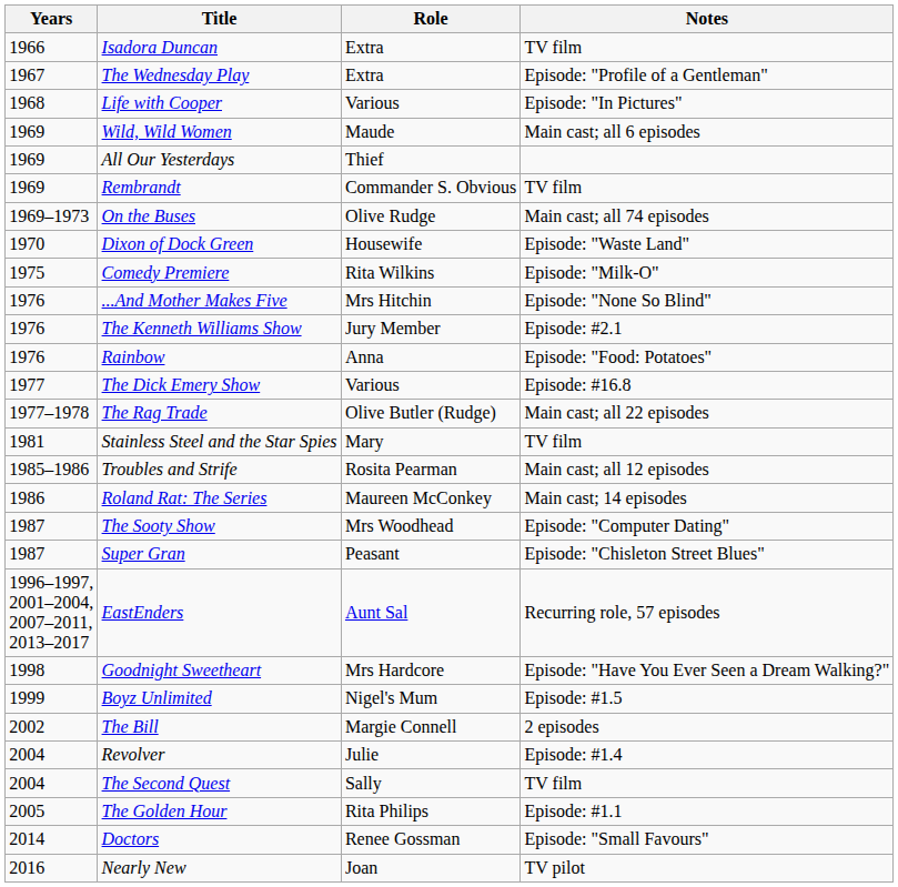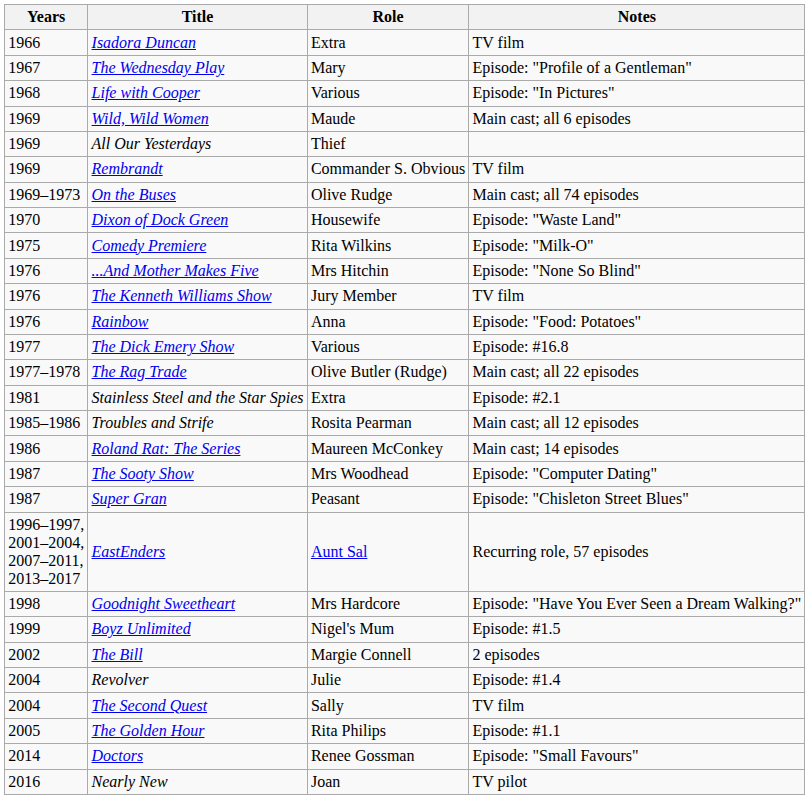 <table class="wikitable">
 <tr>
 <th>Years</th>
 <th>Title</th>
 <th>Role</th>
 <th>Notes</th>
 </tr>
 <tr>
 <td>1966</td>
 <td><em><a href='#'>Isadora Duncan</a></em></td>
 <td>Extra</td>
 <td>TV film</td>
 </tr>
 <tr>
 <td>1967</td>
 <td><em><a href='#'>The Wednesday Play</a></em></td>
-<td>Extra</td>
+<td>Mary</td>
 <td>Episode: "Profile of a Gentleman"</td>
 </tr>
 <tr>
 <td>1968</td>
 <td><em><a href='#'>Life with Cooper</a></em></td>
 <td>Various</td>
 <td>Episode: "In Pictures"</td>
 </tr>
 <tr>
 <td>1969</td>
 <td><em><a href='#'>Wild, Wild Women</a></em></td>
 <td>Maude</td>
 <td>Main cast; all 6 episodes</td>
 </tr>
 <tr>
 <td>1969</td>
 <td><em>All Our Yesterdays</em></td>
 <td>Thief</td>
 </tr>
 <tr>
 <td>1969</td>
 <td><em><a href='#'>Rembrandt</a></em></td>
 <td>Commander S. Obvious</td>
 <td>TV film</td>
 </tr>
 <tr>
 <td>1969–1973</td>
 <td><em><a href='#'>On the Buses</a></em></td>
 <td>Olive Rudge</td>
 <td>Main cast; all 74 episodes</td>
 </tr>
 <tr>
 <td>1970</td>
 <td><em><a href='#'>Dixon of Dock Green</a></em></td>
 <td>Housewife</td>
 <td>Episode: "Waste Land"</td>
 </tr>
 <tr>
 <td>1975</td>
 <td><em><a href='#'>Comedy Premiere</a></em></td>
 <td>Rita Wilkins</td>
 <td>Episode: "Milk-O"</td>
 </tr>
 <tr>
 <td>1976</td>
 <td><em><a href='#'>...And Mother Makes Five</a></em></td>
 <td>Mrs Hitchin</td>
 <td>Episode: "None So Blind"</td>
 </tr>
 <tr>
 <td>1976</td>
 <td><em><a href='#'>The Kenneth Williams Show</a></em></td>
 <td>Jury Member</td>
-<td>Episode: #2.1</td>
+<td>TV film</td>
 </tr>
 <tr>
 <td>1976</td>
 <td><em><a href='#'>Rainbow</a></em></td>
 <td>Anna</td>
 <td>Episode: "Food: Potatoes"</td>
 </tr>
 <tr>
 <td>1977</td>
 <td><em><a href='#'>The Dick Emery Show</a></em></td>
 <td>Various</td>
 <td>Episode: #16.8</td>
 </tr>
 <tr>
 <td>1977–1978</td>
 <td><em><a href='#'>The Rag Trade</a></em></td>
 <td>Olive Butler (Rudge)</td>
 <td>Main cast; all 22 episodes</td>
 </tr>
 <tr>
 <td>1981</td>
 <td><em>Stainless Steel and the Star Spies</em></td>
-<td>Mary</td>
-<td>TV film</td>
+<td>Extra</td>
+<td>Episode: #2.1</td>
 </tr>
 <tr>
 <td>1985–1986</td>
 <td><em>Troubles and Strife</em></td>
 <td>Rosita Pearman</td>
 <td>Main cast; all 12 episodes</td>
 </tr>
 <tr>
 <td>1986</td>
 <td><em><a href='#'>Roland Rat: The Series</a></em></td>
 <td>Maureen McConkey</td>
 <td>Main cast; 14 episodes</td>
 </tr>
 <tr>
 <td>1987</td>
 <td><em><a href='#'>The Sooty Show</a></em></td>
 <td>Mrs Woodhead</td>
 <td>Episode: "Computer Dating"</td>
 </tr>
 <tr>
 <td>1987</td>
 <td><em><a href='#'>Super Gran</a></em></td>
 <td>Peasant</td>
 <td>Episode: "Chisleton Street Blues"</td>
 </tr>
 <tr>
 <td>1996–1997, <br> 2001–2004, <br> 2007–2011, <br> 2013–2017</td>
 <td><em><a href='#'>EastEnders</a></em></td>
 <td><a href='#'>Aunt Sal</a></td>
 <td>Recurring role, 57 episodes</td>
 </tr>
 <tr>
 <td>1998</td>
 <td><em><a href='#'>Goodnight Sweetheart</a></em></td>
 <td>Mrs Hardcore</td>
 <td>Episode: "Have You Ever Seen a Dream Walking?"</td>
 </tr>
 <tr>
 <td>1999</td>
 <td><em><a href='#'>Boyz Unlimited</a></em></td>
 <td>Nigel's Mum</td>
 <td>Episode: #1.5</td>
 </tr>
 <tr>
 <td>2002</td>
 <td><em><a href='#'>The Bill</a></em></td>
 <td>Margie Connell</td>
 <td>2 episodes</td>
 </tr>
 <tr>
 <td>2004</td>
 <td><em>Revolver</em></td>
 <td>Julie</td>
 <td>Episode: #1.4</td>
 </tr>
 <tr>
 <td>2004</td>
 <td><em><a href='#'>The Second Quest</a></em></td>
 <td>Sally</td>
 <td>TV film</td>
 </tr>
 <tr>
 <td>2005</td>
 <td><em><a href='#'>The Golden Hour</a></em></td>
 <td>Rita Philips</td>
 <td>Episode: #1.1</td>
 </tr>
 <tr>
 <td>2014</td>
 <td><em><a href='#'>Doctors</a></em></td>
 <td>Renee Gossman</td>
 <td>Episode: "Small Favours"</td>
 </tr>
 <tr>
 <td>2016</td>
 <td><em>Nearly New</em></td>
 <td>Joan</td>
 <td>TV pilot</td>
 </tr>
 </table>
